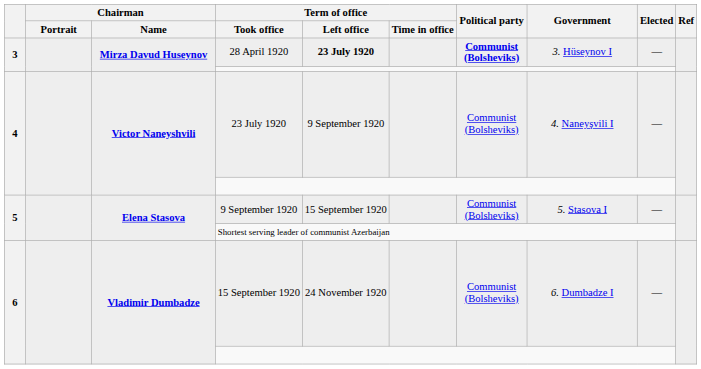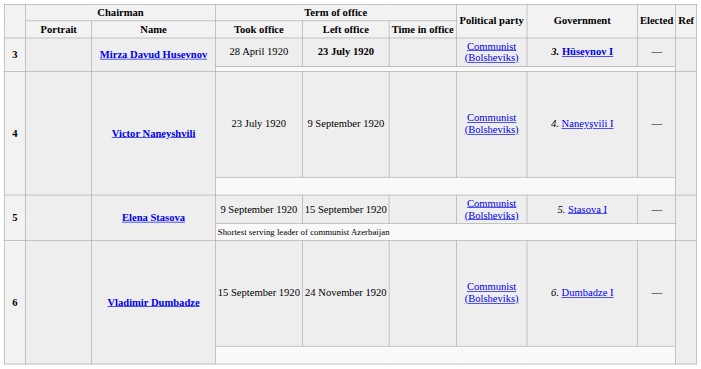 <table class="wikitable"  style="text-align:center">
 <tr>
 <th rowspan=2 style="width:25px;"></th>
 <th colspan=2 style="width:280px;">Chairman<br></th>
 <th colspan=3>Term of office</th>
 <th style="width:100px;" rowspan="2">Political party</th>
 <th style="width:160px;" rowspan="2">Government</th>
 <th rowspan=2>Elected</th>
 <th rowspan=2 style="width:20px;">Ref</th>
 </tr>
 <tr>
 <th>Portrait</th>
 <th width=180px>Name</th>
 <th>Took office</th>
 <th>Left office</th>
 <th>Time in office</th>
 </tr>
 <tr bgcolor=#EEEEEE>
 <th rowspan=2 style="background:">3</th>
 <td rowspan=2></td>
 <td rowspan=2><strong><a href='#'>Mirza Davud Huseynov</a></strong><br></td>
 <td>28 April 1920</td>
 <td><strong>23 July 1920</strong></td>
 <td><small></small></td>
-<td style="background:"><strong><a href='#'><span>Communist <br> (Bolsheviks)</span></a></strong></td>
-<td><em>3.</em> <a href='#'>Hüseynov I</a></td>
+<td style="background:"><a href='#'><span>Communist <br> (Bolsheviks)</span></a></td>
+<td><strong><em>3.</em> <a href='#'>Hüseynov I</a></strong></td>
 <td>—</td>
 <td rowspan=2></td>
 </tr>
 <tr>
 <td colspan=6 align=left></td>
 </tr>
 <tr bgcolor="#EEEEEE">
 <th rowspan="2" style="background:">4</th>
 <td rowspan="2" style="height:180px"></td>
 <td rowspan="2"><strong><a href='#'>Victor Naneyshvili</a></strong><br></td>
 <td>23 July 1920</td>
 <td>9 September 1920</td>
 <td><small></small></td>
 <td style="background:"><a href='#'><span>Communist <br> (Bolsheviks)</span></a></td>
 <td><em>4.</em> <a href='#'>Naneyşvili I</a></td>
 <td>—</td>
 <td rowspan="2"></td>
 </tr>
 <tr>
 <td colspan=6 align=left></td>
 </tr>
 <tr bgcolor="#EEEEEE">
 <th rowspan="2" style="background:">5</th>
 <td rowspan="2"></td>
 <td rowspan="2"><strong><a href='#'>Elena Stasova</a></strong><br></td>
 <td>9 September 1920</td>
 <td>15 September 1920</td>
 <td><small></small></td>
 <td style="background:"><a href='#'><span>Communist <br> (Bolsheviks)</span></a></td>
 <td><em>5.</em> <a href='#'>Stasova I</a></td>
 <td>—</td>
 <td rowspan="2"></td>
 </tr>
 <tr>
 <td colspan=6 align=left><small>Shortest serving leader of communist Azerbaijan</small></td>
 </tr>
 <tr bgcolor="#EEEEEE">
 <th rowspan="2" style="background:">6</th>
 <td rowspan="2" style="height:180px"></td>
 <td rowspan="2"><strong><a href='#'>Vladimir Dumbadze</a></strong><br></td>
 <td>15 September 1920</td>
 <td>24 November 1920</td>
 <td><small></small></td>
 <td style="background:"><a href='#'><span>Communist <br> (Bolsheviks)</span></a></td>
 <td><em>6.</em> <a href='#'>Dumbadze I</a></td>
 <td>—</td>
 <td rowspan="2"></td>
 </tr>
 <tr>
 <td colspan=6 align=left></td>
 </tr>
 </table>
